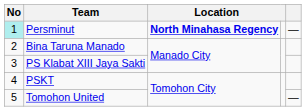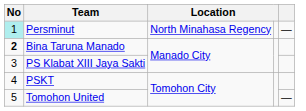 <table class="wikitable sortable" style="font-size:100%;">
 <tr>
 <th>No</th>
 <th>Team</th>
 <th colspan="2">Location</th>
 <th></th>
 </tr>
 <tr>
 <td align="center" style="background: paleturquoise;">1</td>
 <td><a href='#'>Persminut</a></td>
-<td><strong><a href='#'>North Minahasa Regency</a></strong></td>
+<td><a href='#'>North Minahasa Regency</a></td>
 <td></td>
 <td align="center">—</td>
 </tr>
 <tr>
-<td align="center">2</td>
+<td align="center"><strong>2</strong></td>
 <td><a href='#'>Bina Taruna Manado</a></td>
 <td rowspan="2"><a href='#'>Manado City</a></td>
 <td rowspan="2"></td>
 <td align="center"></td>
 </tr>
 <tr>
 <td align="center">3</td>
 <td><a href='#'>PS Klabat XIII Jaya Sakti</a></td>
 <td align="center"></td>
 </tr>
 <tr>
 <td align="center">4</td>
 <td><a href='#'>PSKT</a></td>
 <td rowspan="2"><a href='#'>Tomohon City</a></td>
 <td rowspan="2"></td>
 <td align="center"></td>
 </tr>
 <tr>
 <td align="center">5</td>
 <td><a href='#'>Tomohon United</a></td>
 <td align="center">—</td>
 </tr>
 </table>
